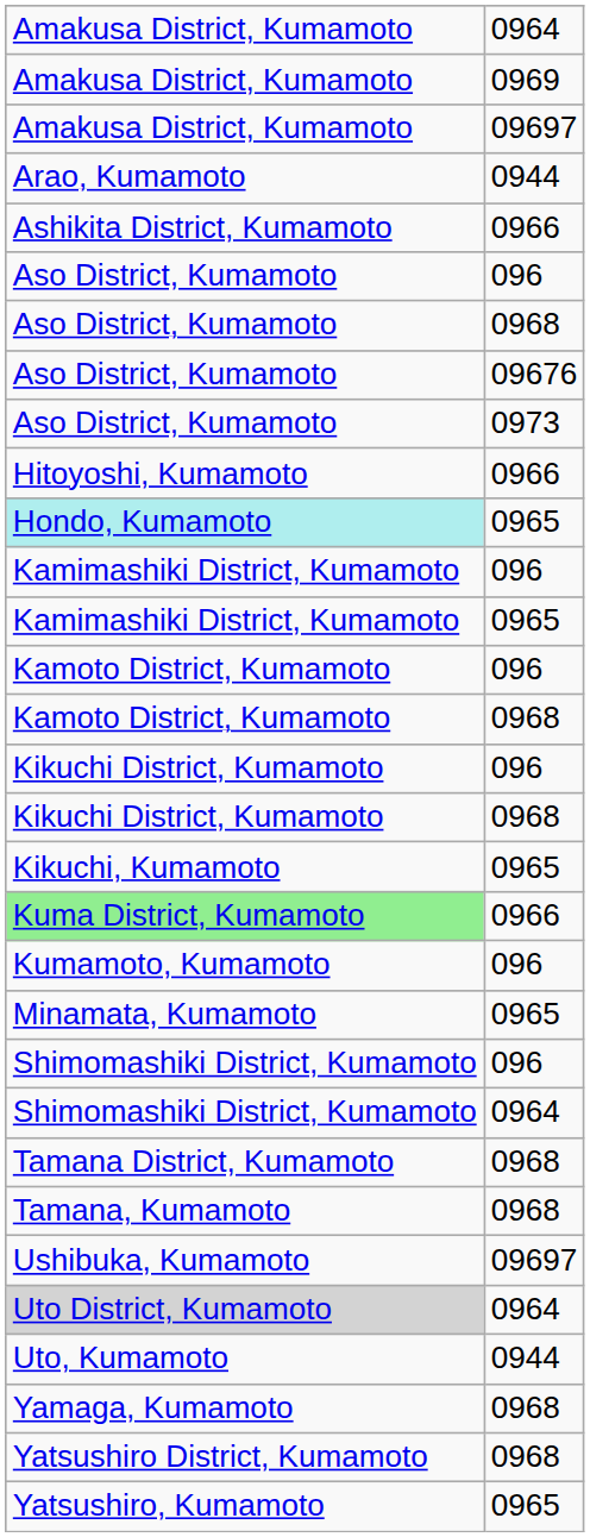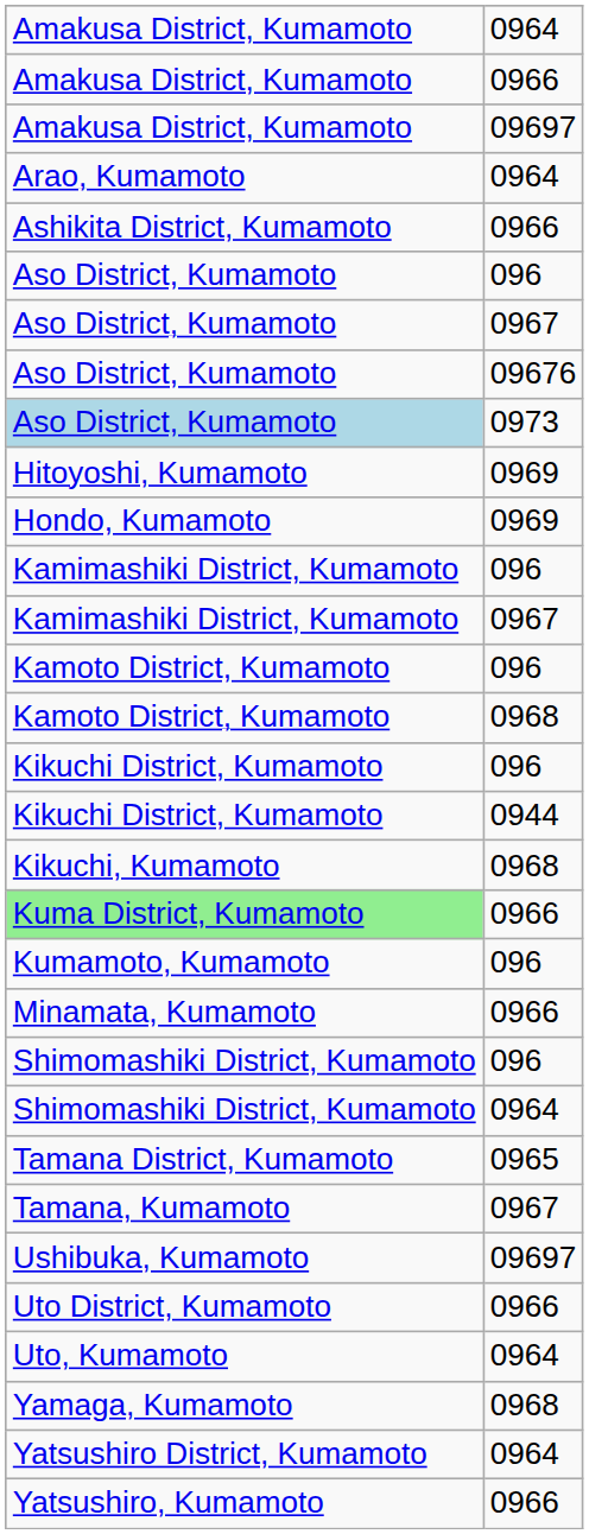 <table class="wikitable">
 <tr>
 <td><a href='#'>Amakusa District, Kumamoto</a></td>
 <td>0964</td>
 </tr>
 <tr>
 <td><a href='#'>Amakusa District, Kumamoto</a></td>
-<td>0969</td>
+<td>0966</td>
 </tr>
 <tr>
 <td><a href='#'>Amakusa District, Kumamoto</a></td>
 <td>09697</td>
 </tr>
 <tr>
 <td><a href='#'>Arao, Kumamoto</a></td>
-<td>0944</td>
+<td>0964</td>
 </tr>
 <tr>
 <td><a href='#'>Ashikita District, Kumamoto</a></td>
 <td>0966</td>
 </tr>
 <tr>
 <td><a href='#'>Aso District, Kumamoto</a></td>
 <td>096</td>
 </tr>
 <tr>
 <td><a href='#'>Aso District, Kumamoto</a></td>
-<td>0968</td>
+<td>0967</td>
 </tr>
 <tr>
 <td><a href='#'>Aso District, Kumamoto</a></td>
 <td>09676</td>
 </tr>
 <tr>
-<td><a href='#'>Aso District, Kumamoto</a></td>
+<td style="background: lightblue;"><a href='#'>Aso District, Kumamoto</a></td>
 <td>0973</td>
 </tr>
 <tr>
 <td><a href='#'>Hitoyoshi, Kumamoto</a></td>
-<td>0966</td>
+<td>0969</td>
 </tr>
 <tr>
-<td style="background: paleturquoise;"><a href='#'>Hondo, Kumamoto</a></td>
-<td>0965</td>
+<td><a href='#'>Hondo, Kumamoto</a></td>
+<td>0969</td>
 </tr>
 <tr>
 <td><a href='#'>Kamimashiki District, Kumamoto</a></td>
 <td>096</td>
 </tr>
 <tr>
 <td><a href='#'>Kamimashiki District, Kumamoto</a></td>
-<td>0965</td>
+<td>0967</td>
 </tr>
 <tr>
 <td><a href='#'>Kamoto District, Kumamoto</a></td>
 <td>096</td>
 </tr>
 <tr>
 <td><a href='#'>Kamoto District, Kumamoto</a></td>
 <td>0968</td>
 </tr>
 <tr>
 <td><a href='#'>Kikuchi District, Kumamoto</a></td>
 <td>096</td>
 </tr>
 <tr>
 <td><a href='#'>Kikuchi District, Kumamoto</a></td>
-<td>0968</td>
+<td>0944</td>
 </tr>
 <tr>
 <td><a href='#'>Kikuchi, Kumamoto</a></td>
-<td>0965</td>
+<td>0968</td>
 </tr>
 <tr>
 <td style="background: lightgreen;"><a href='#'>Kuma District, Kumamoto</a></td>
 <td>0966</td>
 </tr>
 <tr>
 <td><a href='#'>Kumamoto, Kumamoto</a></td>
 <td>096</td>
 </tr>
 <tr>
 <td><a href='#'>Minamata, Kumamoto</a></td>
-<td>0965</td>
+<td>0966</td>
 </tr>
 <tr>
 <td><a href='#'>Shimomashiki District, Kumamoto</a></td>
 <td>096</td>
 </tr>
 <tr>
 <td><a href='#'>Shimomashiki District, Kumamoto</a></td>
 <td>0964</td>
 </tr>
 <tr>
 <td><a href='#'>Tamana District, Kumamoto</a></td>
-<td>0968</td>
+<td>0965</td>
 </tr>
 <tr>
 <td><a href='#'>Tamana, Kumamoto</a></td>
-<td>0968</td>
+<td>0967</td>
 </tr>
 <tr>
 <td><a href='#'>Ushibuka, Kumamoto</a></td>
 <td>09697</td>
 </tr>
 <tr>
-<td style="background: lightgrey;"><a href='#'>Uto District, Kumamoto</a></td>
-<td>0964</td>
+<td><a href='#'>Uto District, Kumamoto</a></td>
+<td>0966</td>
 </tr>
 <tr>
 <td><a href='#'>Uto, Kumamoto</a></td>
-<td>0944</td>
+<td>0964</td>
 </tr>
 <tr>
 <td><a href='#'>Yamaga, Kumamoto</a></td>
 <td>0968</td>
 </tr>
 <tr>
 <td><a href='#'>Yatsushiro District, Kumamoto</a></td>
-<td>0968</td>
+<td>0964</td>
 </tr>
 <tr>
 <td><a href='#'>Yatsushiro, Kumamoto</a></td>
-<td>0965</td>
+<td>0966</td>
 </tr>
 </table>
